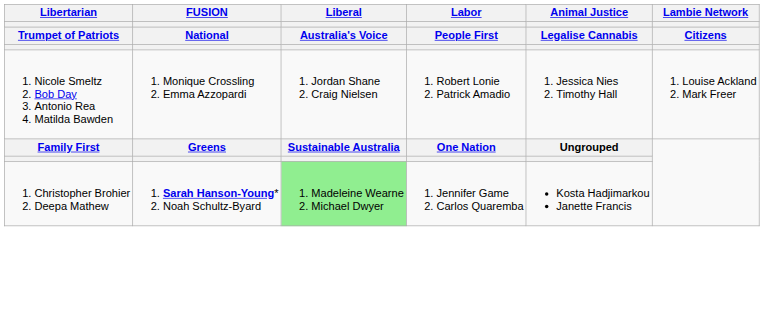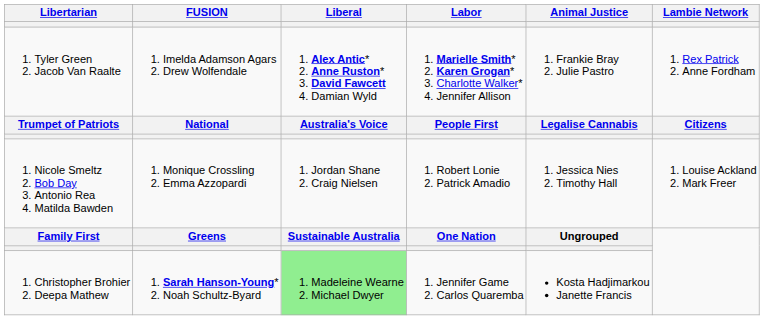 <table class=wikitable>
 <tr>
 <th><a href='#'>Libertarian</a></th>
 <th><a href='#'>FUSION</a></th>
 <th><a href='#'>Liberal</a></th>
 <th><a href='#'>Labor</a></th>
 <th><a href='#'>Animal Justice</a></th>
 <th><a href='#'>Lambie Network</a></th>
 </tr>
 <tr style=background:#ccc>
 <th></th>
 <th></th>
 <th></th>
 <th></th>
 <th></th>
 <th></th>
+</tr>
+<tr>
+<td valign=top><br><ol> <li> Tyler Green <li> Jacob Van Raalte </ol></td>
+<td valign=top><br><ol> <li> Imelda Adamson Agars <li> Drew Wolfendale </ol></td>
+<td><br><ol> <li> <strong><a href='#'>Alex Antic</a></strong>* <li> <strong><a href='#'>Anne Ruston</a></strong>* <li> <strong><a href='#'>David Fawcett</a></strong> <li> Damian Wyld </ol></td>
+<td><br><ol> <li> <strong><a href='#'>Marielle Smith</a></strong>* <li> <strong><a href='#'>Karen Grogan</a></strong>* <li> <a href='#'>Charlotte Walker</a>* <li> Jennifer Allison </ol></td>
+<td valign=top><br><ol> <li> Frankie Bray <li> Julie Pastro </ol></td>
+<td valign=top><br><ol> <li> <a href='#'>Rex Patrick</a> <li> Anne Fordham </ol></td>
 </tr>
 <tr>
 <th><a href='#'>Trumpet of Patriots</a></th>
 <th><a href='#'>National</a></th>
 <th><a href='#'>Australia's Voice</a></th>
 <th><a href='#'>People First</a></th>
 <th><a href='#'>Legalise Cannabis</a></th>
 <th><a href='#'>Citizens</a></th>
 </tr>
 <tr>
 <th></th>
 <th></th>
 <th></th>
 <th></th>
 <th></th>
 <th></th>
 </tr>
 <tr>
 <td valign=top><br><ol> <li> Nicole Smeltz <li> <a href='#'>Bob Day</a> <li> Antonio Rea <li> Matilda Bawden </ol></td>
 <td valign=top><br><ol> <li> Monique Crossling <li> Emma Azzopardi </ol></td>
 <td valign=top><br><ol> <li> Jordan Shane <li> Craig Nielsen </ol></td>
 <td valign=top><br><ol> <li> Robert Lonie <li> Patrick Amadio </ol></td>
 <td valign=top><br><ol> <li> Jessica Nies <li> Timothy Hall </ol></td>
 <td valign=top><br><ol> <li> Louise Ackland <li> Mark Freer </ol></td>
 </tr>
 <tr>
 <th><a href='#'>Family First</a></th>
 <th><a href='#'>Greens</a></th>
 <th><a href='#'>Sustainable Australia</a></th>
 <th><a href='#'>One Nation</a></th>
 <th>Ungrouped</th>
 </tr>
 <tr>
 <th></th>
 <th></th>
 <th></th>
 <th></th>
 <th></th>
 </tr>
 <tr>
 <td valign=top><br><ol> <li> Christopher Brohier <li> Deepa Mathew </ol></td>
 <td><br><ol> <li> <strong><a href='#'>Sarah Hanson-Young</a></strong>* <li> Noah Schultz-Byard </ol></td>
 <td valign=top style="background: lightgreen;"><br><ol> <li> Madeleine Wearne <li> Michael Dwyer </ol></td>
 <td valign=top><br><ol> <li> Jennifer Game <li> Carlos Quaremba </ol></td>
 <td valign=top><br><ul> <li> Kosta Hadjimarkou <li> Janette Francis </ul></td>
 </tr>
 </table>
